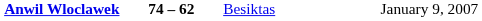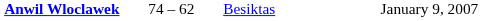 <table style="text-align:center">
 <tr>
 <th width=160></th>
 <th width=100></th>
 <th width=160></th>
 <th width=200></th>
 </tr>
 <tr>
 <td align="right"><strong><a href='#'>Anwil Wloclawek</a></strong> </td>
-<td><strong>74 – 62</strong></td>
+<td>74 – 62</td>
 <td align=left> <a href='#'>Besiktas</a></td>
 <td align=left>January 9, 2007</td>
 </tr>
 </table>
